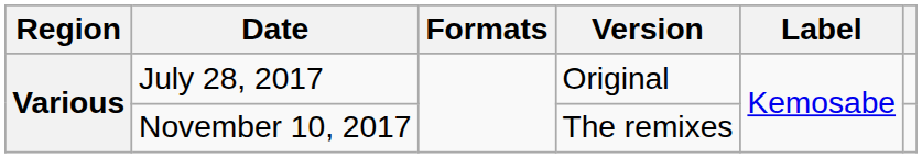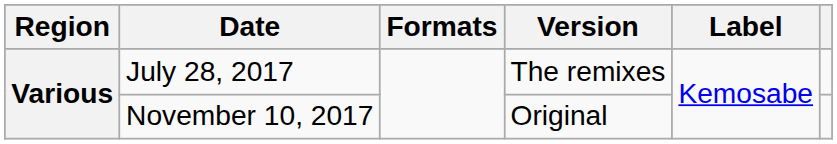 <table class="wikitable plainrowheaders">
 <tr>
 <th scope="col">Region</th>
 <th scope="col">Date</th>
 <th scope="col">Formats</th>
 <th scope="col">Version</th>
 <th scope="col">Label</th>
 <th scope="col"></th>
 </tr>
 <tr>
 <th rowspan="2" scope="row">Various</th>
 <td>July 28, 2017</td>
 <td rowspan="2"></td>
-<td>Original</td>
+<td>The remixes</td>
 <td rowspan="2"><a href='#'>Kemosabe</a></td>
 <td align="center"></td>
 </tr>
 <tr>
 <td>November 10, 2017</td>
-<td>The remixes</td>
+<td>Original</td>
 <td align="center"></td>
 </tr>
 </table>
